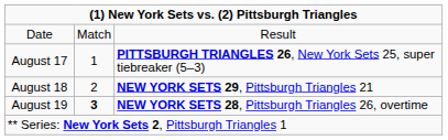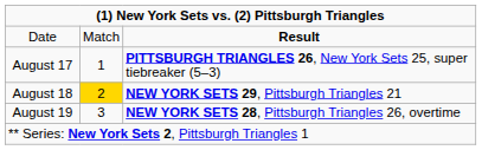 <table class="wikitable" style="font-size:92%; text-align:left; line-height:normal; width=50%">
 <tr>
 <td style="text-align:center;" colspan=3><strong>(1) New York Sets vs. (2) Pittsburgh Triangles</strong></td>
 </tr>
 <tr>
 <td style="text-align:center; width:75px">Date</td>
 <td style="text-align:center; width:40px">Match</td>
-<td style="text-align:center; width:380px">Result</td>
+<td style="text-align:center; width:380px"><strong>Result</strong></td>
 </tr>
 <tr>
 <td style="text-align:center;">August 17</td>
 <td style="text-align:center;">1</td>
 <td><strong><a href='#'>PITTSBURGH TRIANGLES</a> 26</strong>, <a href='#'>New York Sets</a> 25, super tiebreaker (5–3)</td>
 </tr>
 <tr>
 <td style="text-align:center;">August 18</td>
-<td style="text-align:center;">2</td>
+<td style="background: gold; text-align:center;">2</td>
 <td><strong><a href='#'>NEW YORK SETS</a> 29</strong>, <a href='#'>Pittsburgh Triangles</a> 21</td>
 </tr>
 <tr>
 <td style="text-align:center;">August 19</td>
-<td style="text-align:center;"><strong>3</strong></td>
+<td style="text-align:center;">3</td>
 <td><strong><a href='#'>NEW YORK SETS</a> 28</strong>, <a href='#'>Pittsburgh Triangles</a> 26, overtime</td>
 </tr>
 <tr>
 <td style="text-align:left;" colspan=3>** Series: <strong><a href='#'>New York Sets</a> 2</strong>, <a href='#'>Pittsburgh Triangles</a> 1</td>
 </tr>
 </table>
